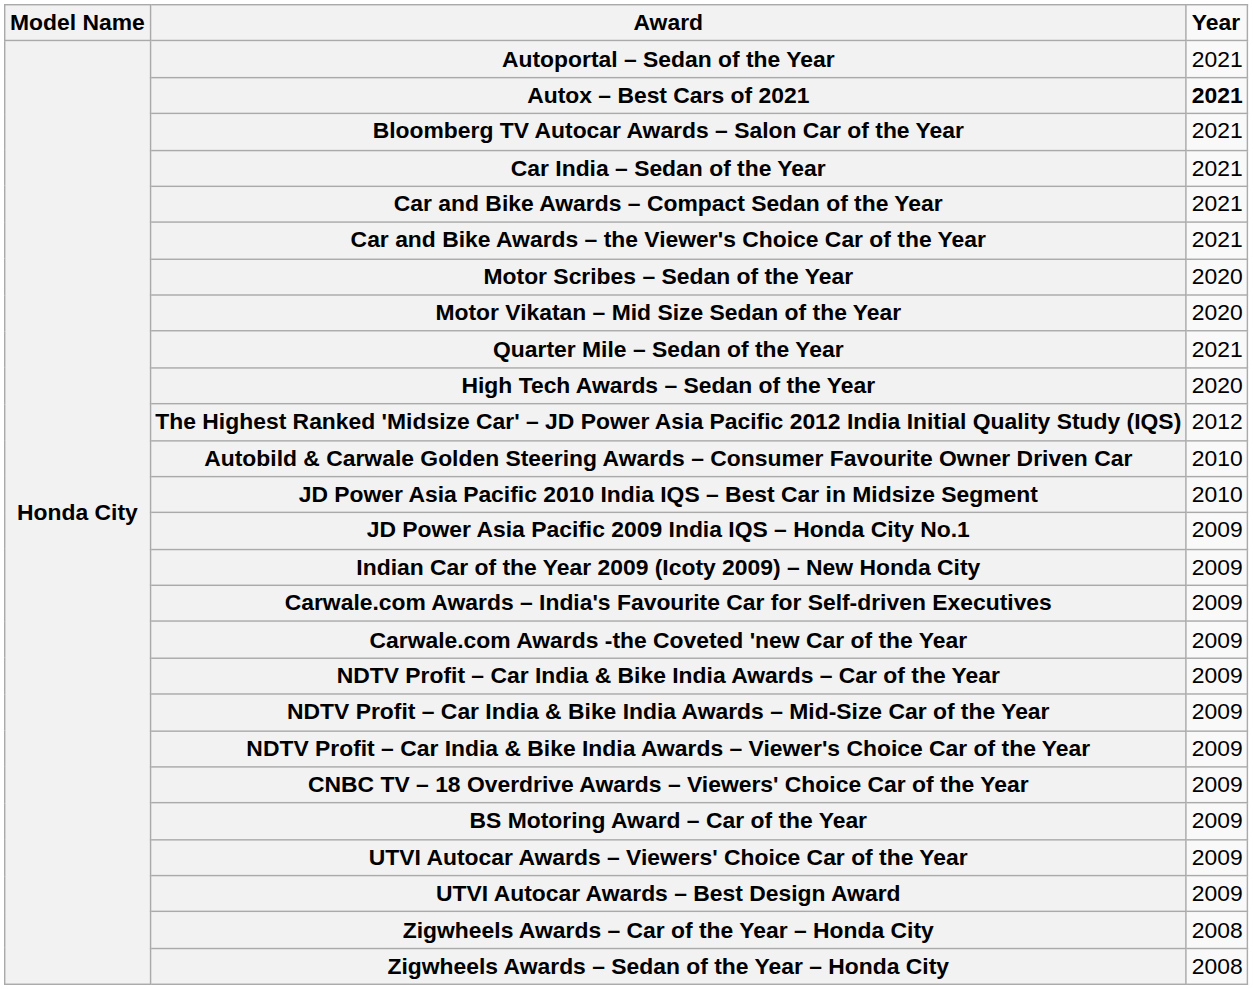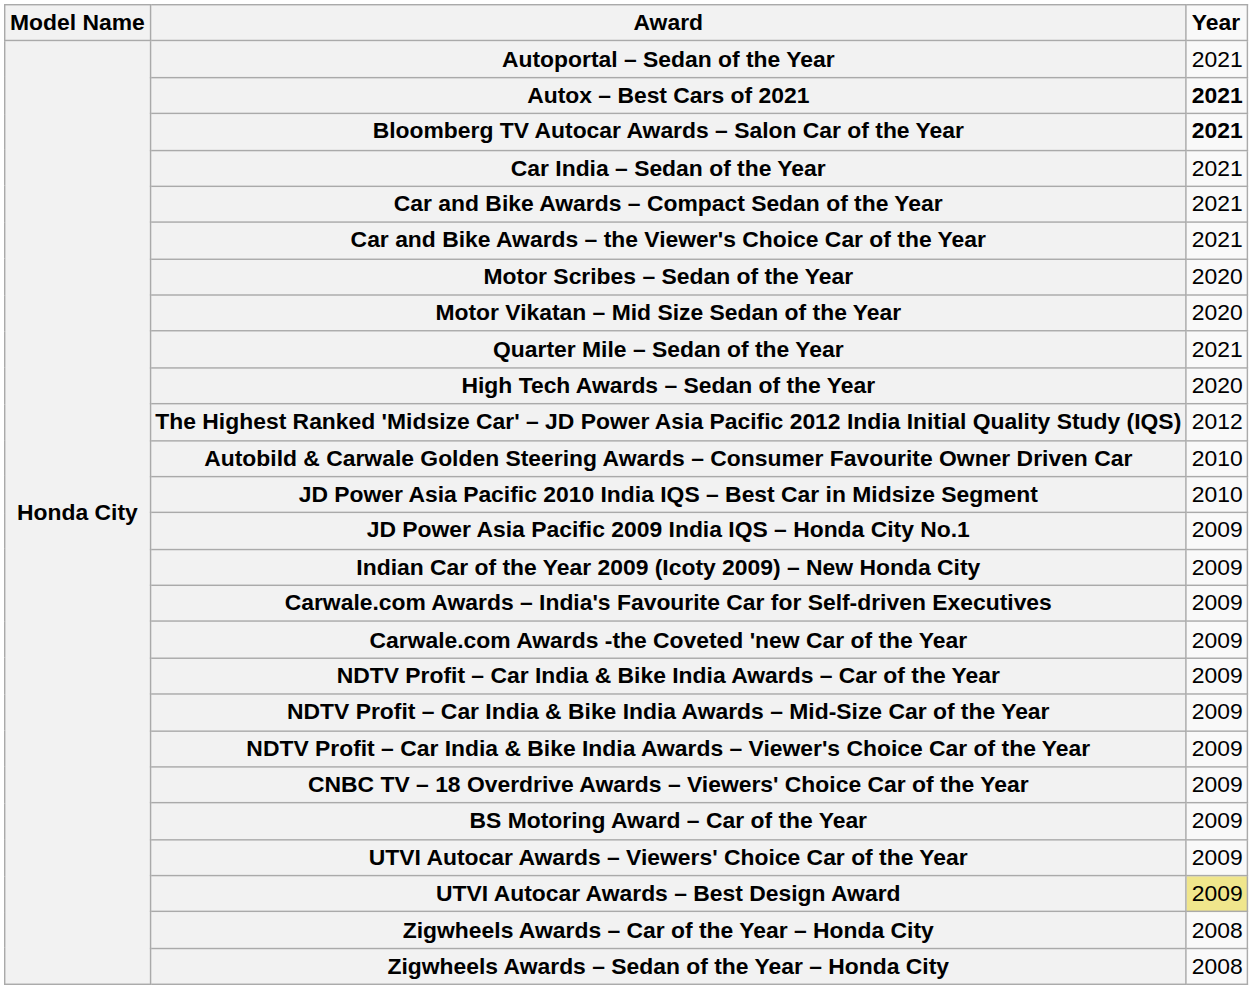 <table class="wikitable">
 <tr>
 <th>Model Name</th>
 <th><strong>Award</strong></th>
 <td><strong>Year</strong></td>
 </tr>
 <tr>
 <th rowspan="26">Honda City</th>
 <th><strong>Autoportal – Sedan of the Year</strong></th>
 <td>2021</td>
 </tr>
 <tr>
 <th>Autox – Best Cars of 2021</th>
 <td><strong>2021</strong></td>
 </tr>
 <tr>
 <th>Bloomberg TV Autocar Awards – Salon Car of the Year</th>
-<td>2021</td>
+<td><strong>2021</strong></td>
 </tr>
 <tr>
 <th>Car India – Sedan of the Year</th>
 <td>2021</td>
 </tr>
 <tr>
 <th>Car and Bike Awards – Compact Sedan of the Year</th>
 <td>2021</td>
 </tr>
 <tr>
 <th>Car and Bike Awards – the Viewer's Choice Car of the Year</th>
 <td>2021</td>
 </tr>
 <tr>
 <th>Motor Scribes – Sedan of the Year</th>
 <td>2020</td>
 </tr>
 <tr>
 <th>Motor Vikatan – Mid Size Sedan of the Year</th>
 <td>2020</td>
 </tr>
 <tr>
 <th>Quarter Mile – Sedan of the Year</th>
 <td>2021</td>
 </tr>
 <tr>
 <th>High Tech Awards – Sedan of the Year</th>
 <td>2020</td>
 </tr>
 <tr>
 <th>The Highest Ranked 'Midsize Car' – JD Power Asia Pacific 2012 India Initial Quality Study (IQS)</th>
 <td>2012</td>
 </tr>
 <tr>
 <th>Autobild & Carwale Golden Steering Awards – Consumer Favourite Owner Driven Car</th>
 <td>2010</td>
 </tr>
 <tr>
 <th>JD Power Asia Pacific 2010 India IQS – Best Car in Midsize Segment</th>
 <td>2010</td>
 </tr>
 <tr>
 <th>JD Power Asia Pacific 2009 India IQS – Honda City No.1</th>
 <td>2009</td>
 </tr>
 <tr>
 <th>Indian Car of the Year 2009 (Icoty 2009) – New Honda City</th>
 <td>2009</td>
 </tr>
 <tr>
 <th>Carwale.com Awards – India's Favourite Car for Self-driven Executives</th>
 <td>2009</td>
 </tr>
 <tr>
 <th>Carwale.com Awards -the Coveted 'new Car of the Year</th>
 <td>2009</td>
 </tr>
 <tr>
 <th>NDTV Profit – Car India & Bike India Awards – Car of the Year</th>
 <td>2009</td>
 </tr>
 <tr>
 <th>NDTV Profit – Car India & Bike India Awards – Mid-Size Car of the Year</th>
 <td>2009</td>
 </tr>
 <tr>
 <th>NDTV Profit – Car India & Bike India Awards – Viewer's Choice Car of the Year</th>
 <td>2009</td>
 </tr>
 <tr>
 <th>CNBC TV – 18 Overdrive Awards – Viewers' Choice Car of the Year</th>
 <td>2009</td>
 </tr>
 <tr>
 <th>BS Motoring Award – Car of the Year</th>
 <td>2009</td>
 </tr>
 <tr>
 <th>UTVI Autocar Awards – Viewers' Choice Car of the Year</th>
 <td>2009</td>
 </tr>
 <tr>
 <th>UTVI Autocar Awards – Best Design Award</th>
-<td>2009</td>
+<td style="background: khaki;">2009</td>
 </tr>
 <tr>
 <th>Zigwheels Awards – Car of the Year – Honda City</th>
 <td>2008</td>
 </tr>
 <tr>
 <th>Zigwheels Awards – Sedan of the Year – Honda City</th>
 <td>2008</td>
 </tr>
 </table>
